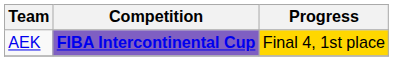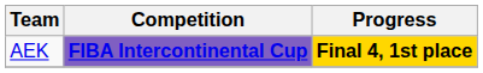 <table class="wikitable sortable">
 <tr>
 <th>Team</th>
 <th>Competition</th>
 <th>Progress</th>
 </tr>
 <tr>
 <td><a href='#'>AEK</a></td>
 <td rowspan="1" style="background:#7F5FC2;color:#ffffff;text-align:center"><strong><a href='#'><span>FIBA Intercontinental Cup</span></a></strong></td>
-<td style="background:#FFD700;text-align:center">Final 4, 1st place</td>
+<td style="background:#FFD700;text-align:center"><strong>Final 4, 1st place</strong></td>
 </tr>
 <tr>
 </tr>
 </table>
